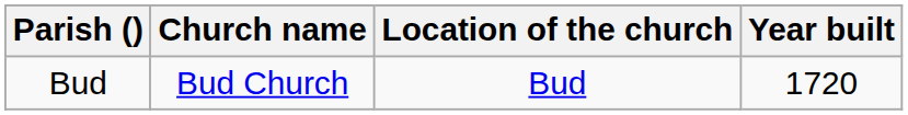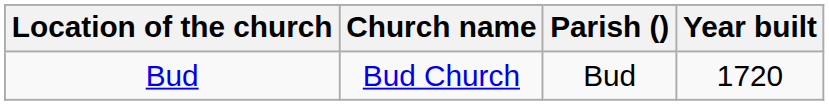 <table class="wikitable" style="text-align:center">
 <tr>
+<th>Location of the church</th>
+<th>Church name</th>
 <th>Parish ()</th>
-<th>Church name</th>
-<th>Location of the church</th>
 <th>Year built</th>
 </tr>
 <tr>
+<td><a href='#'>Bud</a></td>
+<td><a href='#'>Bud Church</a></td>
 <td rowspan="1">Bud</td>
-<td><a href='#'>Bud Church</a></td>
-<td><a href='#'>Bud</a></td>
 <td>1720</td>
 </tr>
 </table>
